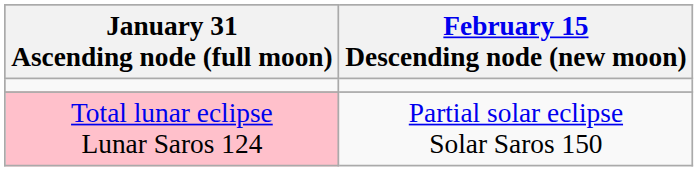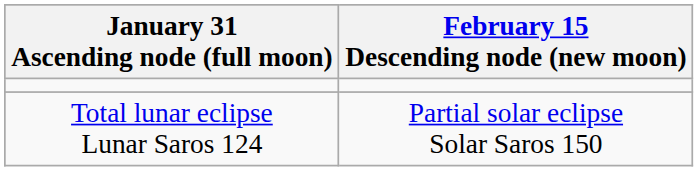 <table class="wikitable">
 <tr>
 <th>January 31<br>Ascending node (full moon)<br></th>
 <th><a href='#'>February 15</a><br>Descending node (new moon)<br></th>
 </tr>
 <tr>
 <td></td>
 <td></td>
 </tr>
 <tr align=center>
-<td style="background: pink;"><a href='#'>Total lunar eclipse</a><br>Lunar Saros 124</td>
+<td><a href='#'>Total lunar eclipse</a><br>Lunar Saros 124</td>
 <td><a href='#'>Partial solar eclipse</a><br>Solar Saros 150</td>
 </tr>
 </table>
